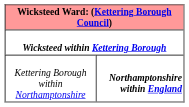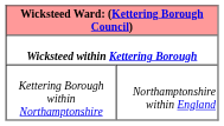 <table border=1 cellpadding="2" cellspacing="0" align="right" width=300>
 <tr>
 <th colspan=2 align=center bgcolor="#ff9999"><strong>Wicksteed</strong> Ward: (<a href='#'>Kettering Borough Council</a>)</th>
 </tr>
 <tr>
 <th colspan=2 alignn=center><br><em>Wicksteed within <a href='#'>Kettering Borough</a></em></th>
 </tr>
 <tr>
 <td align=center><br><em>Kettering Borough within <a href='#'>Northamptonshire</a></em></td>
-<td align=right><strong><br><em>Northamptonshire within <a href='#'>England</a></em></strong></td>
+<td align=right><br><em>Northamptonshire within <a href='#'>England</a></em></td>
 </tr>
 </table>
